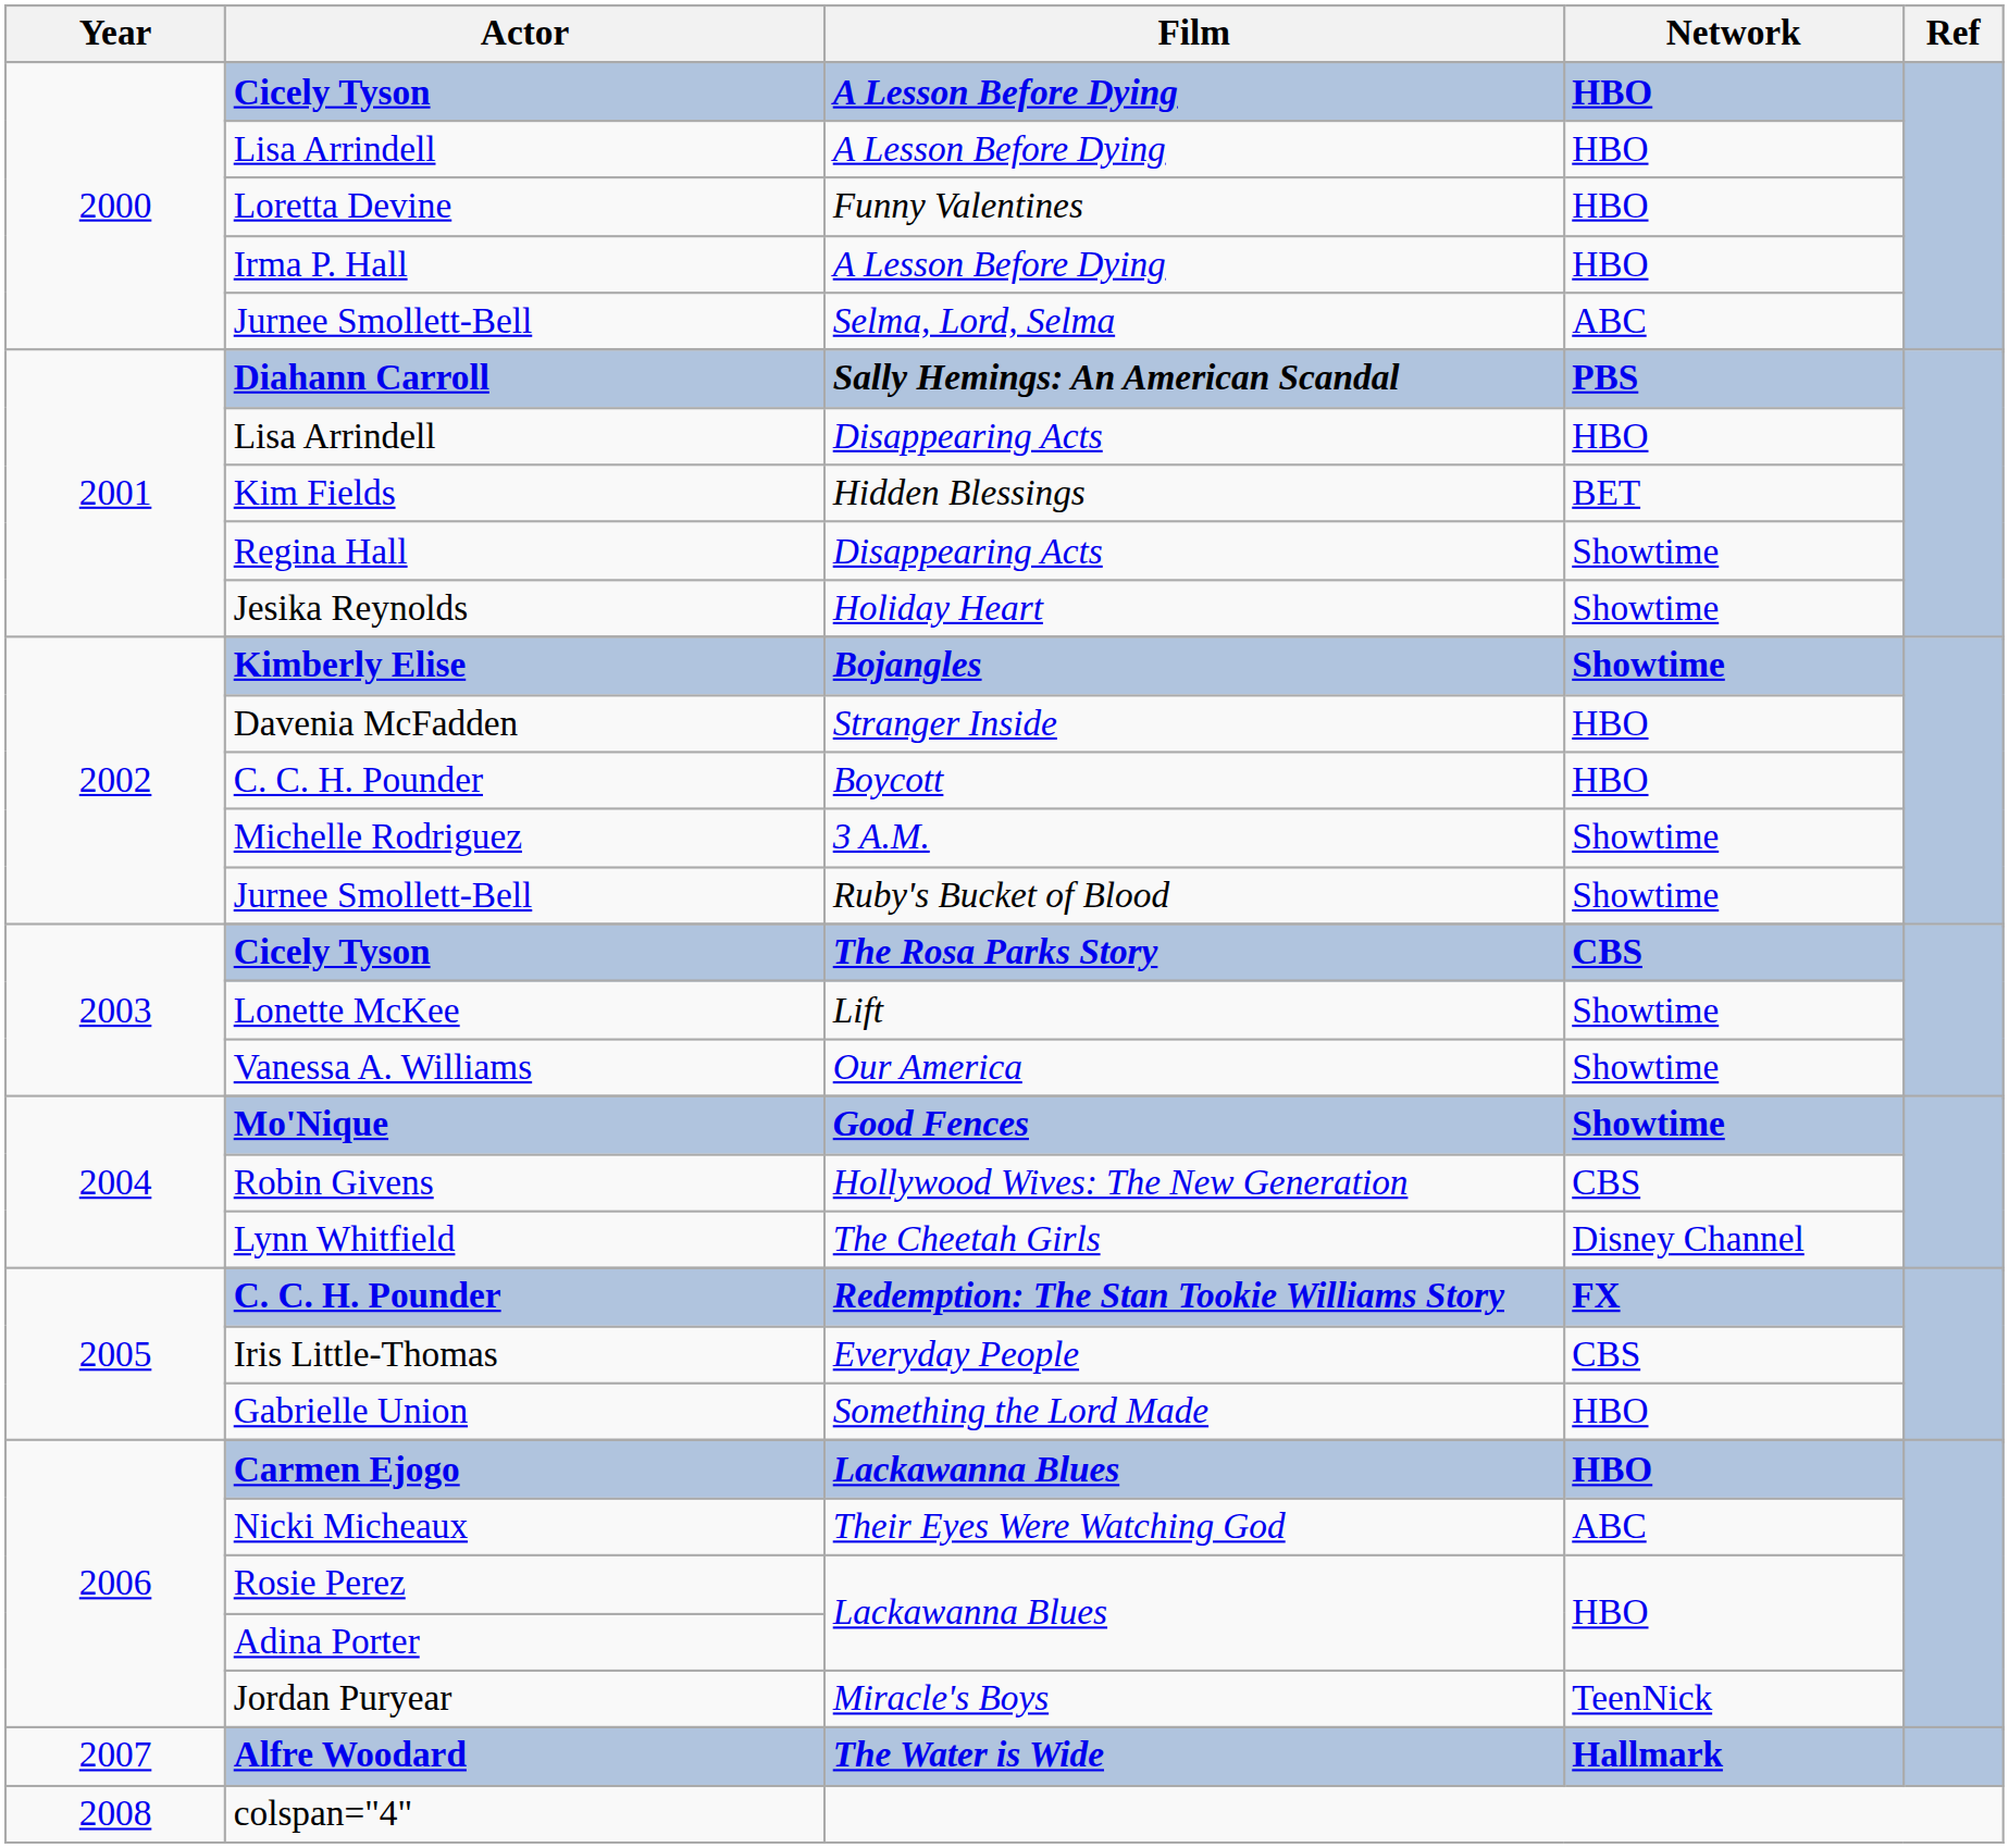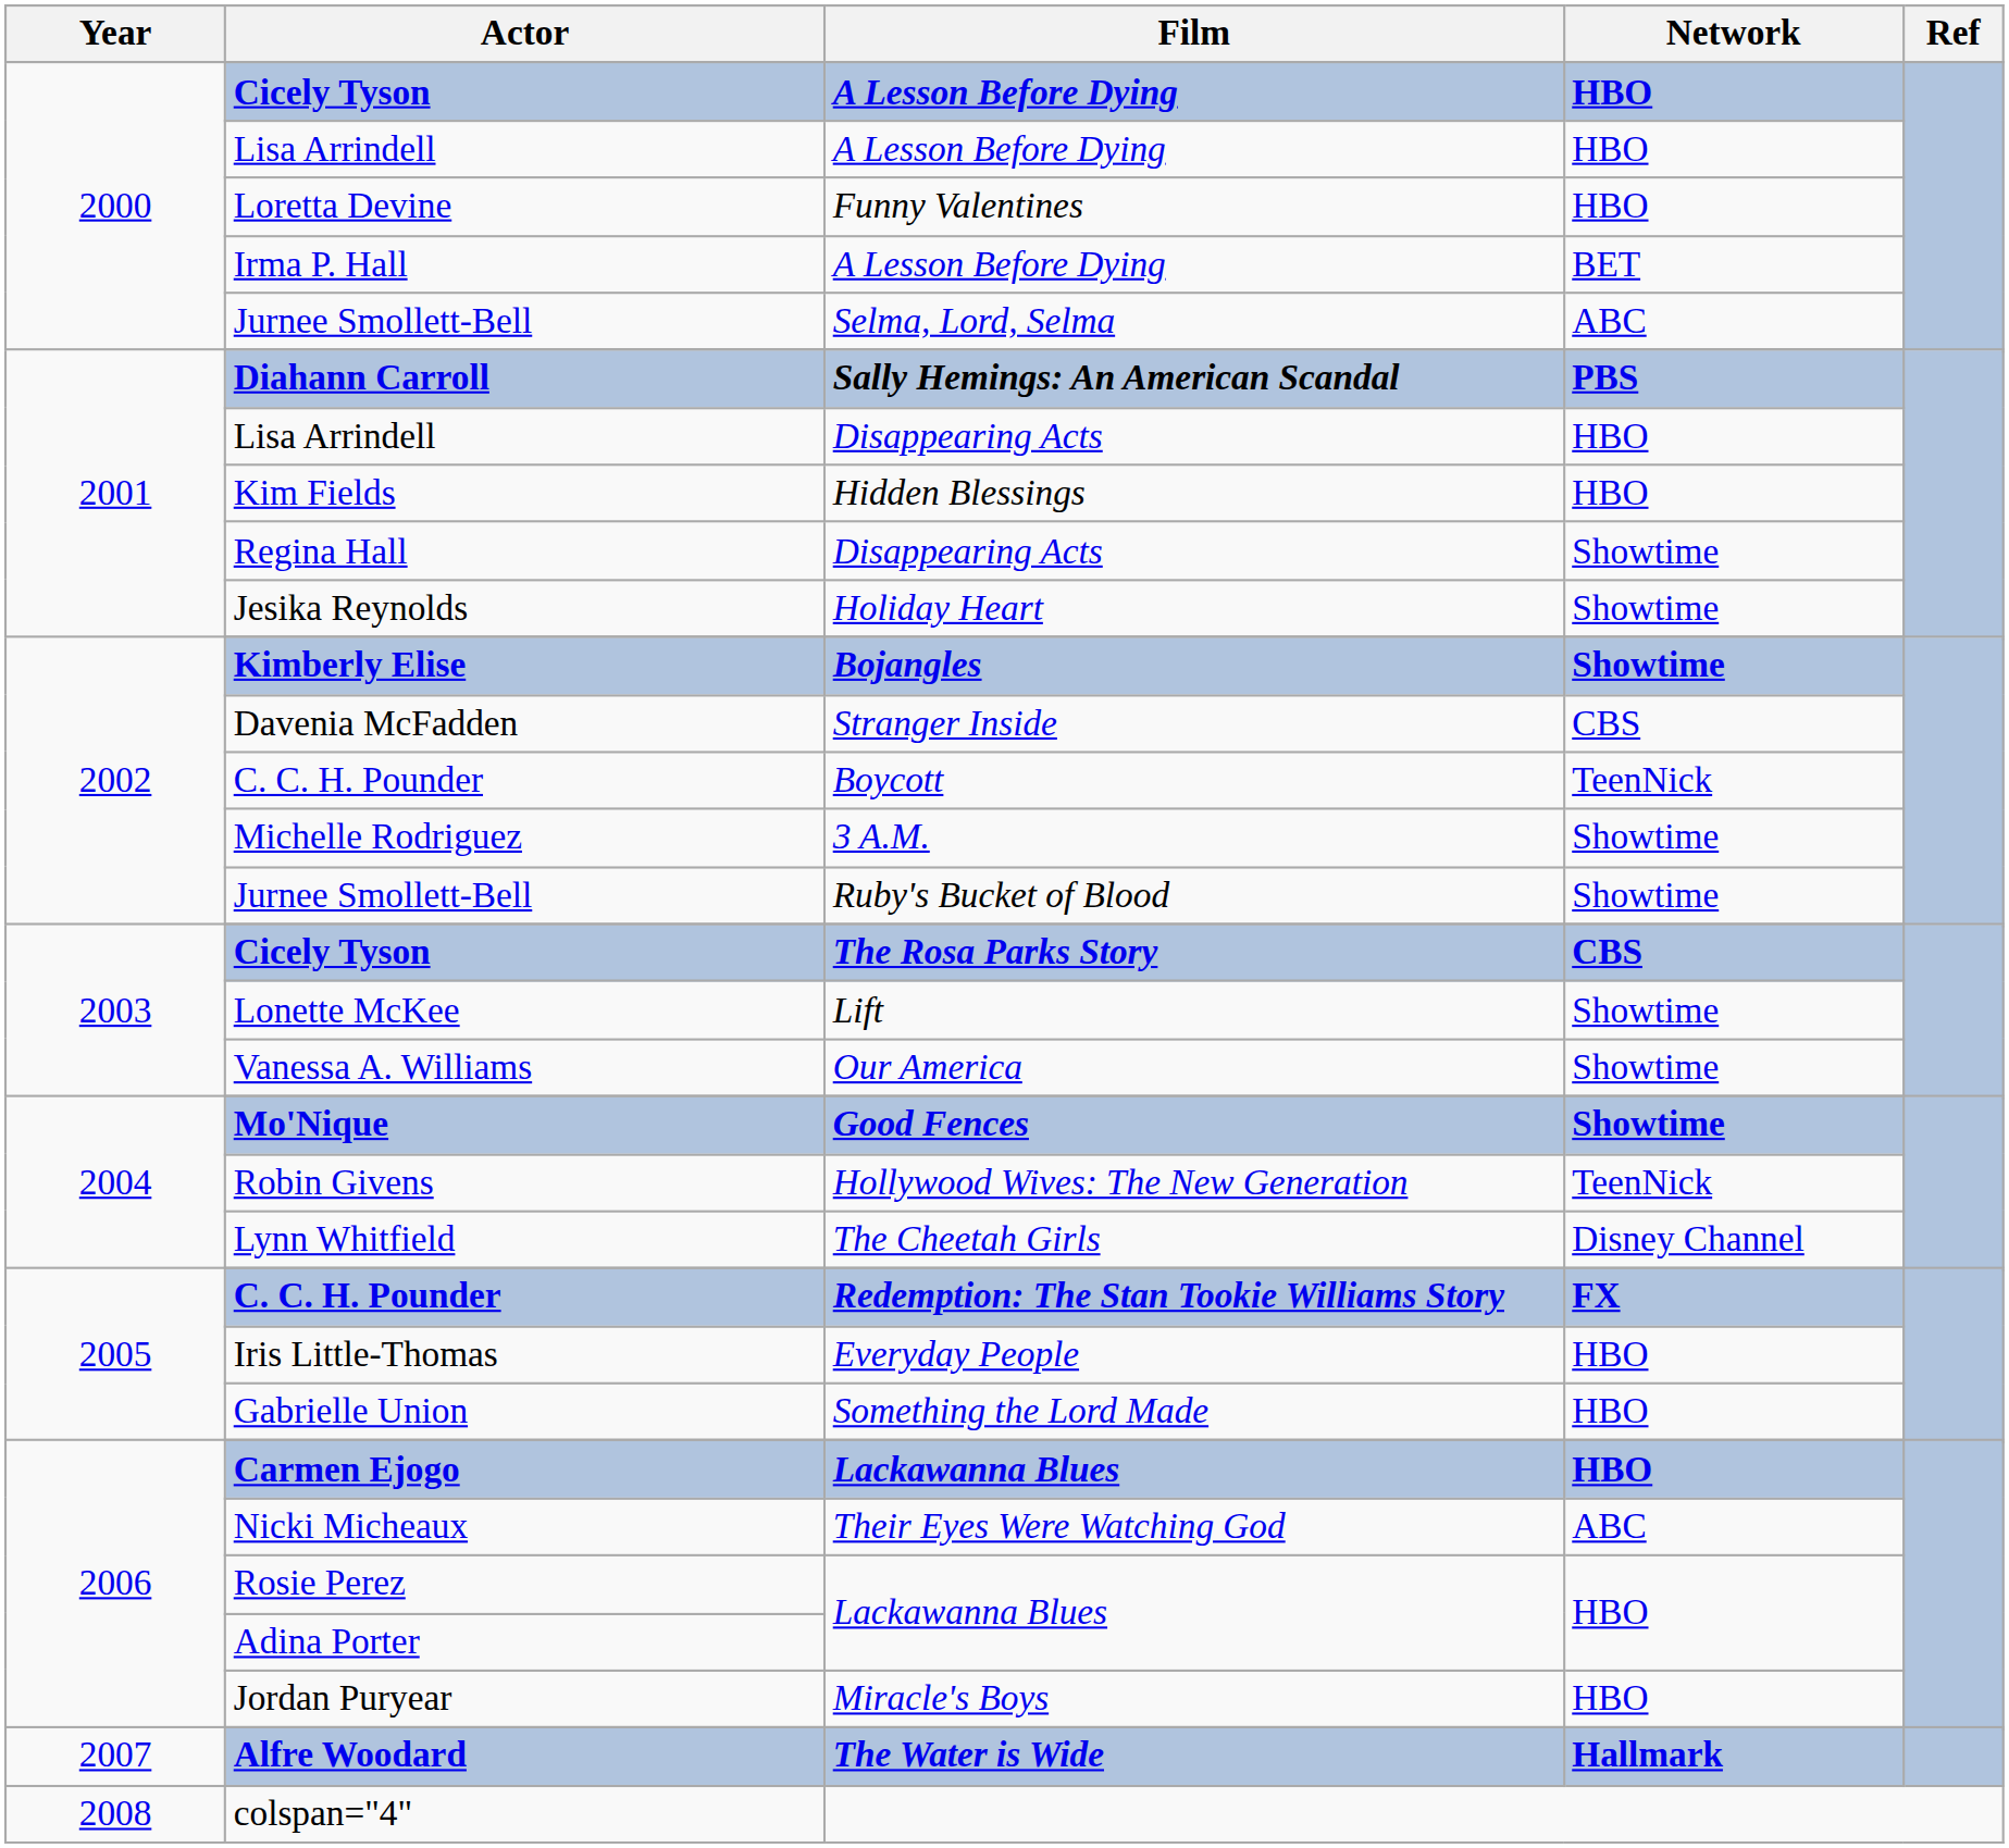 <table class="wikitable" style="width:100%;">
 <tr style="background:#bebebe;">
 <th style="width:11%;">Year</th>
 <th style="width:30%;">Actor</th>
 <th style="width:37%;">Film</th>
 <th style="width:17%;">Network</th>
 <th style="width:5%;">Ref</th>
 </tr>
 <tr>
 <td rowspan="6" align="center"><a href='#'>2000</a></td>
 </tr>
 <tr style="background:#B0C4DE">
 <td><strong><a href='#'>Cicely Tyson</a></strong></td>
 <td><strong><em><a href='#'>A Lesson Before Dying</a></em></strong></td>
 <td><strong><a href='#'>HBO</a></strong></td>
 <td rowspan="6" align="center"></td>
 </tr>
 <tr>
 <td><a href='#'>Lisa Arrindell</a></td>
 <td><em><a href='#'>A Lesson Before Dying</a></em></td>
 <td><a href='#'>HBO</a></td>
 </tr>
 <tr>
 <td><a href='#'>Loretta Devine</a></td>
 <td><em>Funny Valentines</em></td>
 <td><a href='#'>HBO</a></td>
 </tr>
 <tr>
 <td><a href='#'>Irma P. Hall</a></td>
 <td><em><a href='#'>A Lesson Before Dying</a></em></td>
-<td><a href='#'>HBO</a></td>
+<td><a href='#'>BET</a></td>
 </tr>
 <tr>
 <td><a href='#'>Jurnee Smollett-Bell</a></td>
 <td><em><a href='#'>Selma, Lord, Selma</a></em></td>
 <td><a href='#'>ABC</a></td>
 </tr>
 <tr>
 <td rowspan="6" align="center"><a href='#'>2001</a></td>
 </tr>
 <tr style="background:#B0C4DE">
 <td><strong><a href='#'>Diahann Carroll</a></strong></td>
 <td><strong><em>Sally Hemings: An American Scandal</em></strong></td>
 <td><strong><a href='#'>PBS</a></strong></td>
 <td rowspan="6" align="center"></td>
 </tr>
 <tr>
 <td>Lisa Arrindell</td>
 <td><em><a href='#'>Disappearing Acts</a></em></td>
 <td><a href='#'>HBO</a></td>
 </tr>
 <tr>
 <td><a href='#'>Kim Fields</a></td>
 <td><em>Hidden Blessings</em></td>
-<td><a href='#'>BET</a></td>
+<td><a href='#'>HBO</a></td>
 </tr>
 <tr>
 <td><a href='#'>Regina Hall</a></td>
 <td><em><a href='#'>Disappearing Acts</a></em></td>
 <td><a href='#'>Showtime</a></td>
 </tr>
 <tr>
 <td>Jesika Reynolds</td>
 <td><em><a href='#'>Holiday Heart</a></em></td>
 <td><a href='#'>Showtime</a></td>
 </tr>
 <tr>
 <td rowspan="6" align="center"><a href='#'>2002</a></td>
 </tr>
 <tr style="background:#B0C4DE">
 <td><strong><a href='#'>Kimberly Elise</a></strong></td>
 <td><strong><em><a href='#'>Bojangles</a></em></strong></td>
 <td><strong><a href='#'>Showtime</a></strong></td>
 <td rowspan="6" align="center"></td>
 </tr>
 <tr>
 <td>Davenia McFadden</td>
 <td><em><a href='#'>Stranger Inside</a></em></td>
-<td><a href='#'>HBO</a></td>
+<td><a href='#'>CBS</a></td>
 </tr>
 <tr>
 <td><a href='#'>C. C. H. Pounder</a></td>
 <td><em><a href='#'>Boycott</a></em></td>
-<td><a href='#'>HBO</a></td>
+<td><a href='#'>TeenNick</a></td>
 </tr>
 <tr>
 <td><a href='#'>Michelle Rodriguez</a></td>
 <td><em><a href='#'>3 A.M.</a></em></td>
 <td><a href='#'>Showtime</a></td>
 </tr>
 <tr>
 <td><a href='#'>Jurnee Smollett-Bell</a></td>
 <td><em>Ruby's Bucket of Blood</em></td>
 <td><a href='#'>Showtime</a></td>
 </tr>
 <tr>
 <td rowspan="4" align="center"><a href='#'>2003</a></td>
 </tr>
 <tr style="background:#B0C4DE">
 <td><strong><a href='#'>Cicely Tyson</a></strong></td>
 <td><strong><em><a href='#'>The Rosa Parks Story</a></em></strong></td>
 <td><strong><a href='#'>CBS</a></strong></td>
 <td rowspan="4" align="center"></td>
 </tr>
 <tr>
 <td><a href='#'>Lonette McKee</a></td>
 <td><em>Lift</em></td>
 <td><a href='#'>Showtime</a></td>
 </tr>
 <tr>
 <td><a href='#'>Vanessa A. Williams</a></td>
 <td><em><a href='#'>Our America</a></em></td>
 <td><a href='#'>Showtime</a></td>
 </tr>
 <tr>
 <td rowspan="4" align="center"><a href='#'>2004</a></td>
 </tr>
 <tr style="background:#B0C4DE">
 <td><strong><a href='#'>Mo'Nique</a></strong></td>
 <td><strong><em><a href='#'>Good Fences</a></em></strong></td>
 <td><strong><a href='#'>Showtime</a></strong></td>
 <td rowspan="4" align="center"></td>
 </tr>
 <tr>
 <td><a href='#'>Robin Givens</a></td>
 <td><em><a href='#'>Hollywood Wives: The New Generation</a></em></td>
-<td><a href='#'>CBS</a></td>
+<td><a href='#'>TeenNick</a></td>
 </tr>
 <tr>
 <td><a href='#'>Lynn Whitfield</a></td>
 <td><em><a href='#'>The Cheetah Girls</a></em></td>
 <td><a href='#'>Disney Channel</a></td>
 </tr>
 <tr>
 <td rowspan="4" align="center"><a href='#'>2005</a></td>
 </tr>
 <tr style="background:#B0C4DE">
 <td><strong><a href='#'>C. C. H. Pounder</a></strong></td>
 <td><strong><em><a href='#'>Redemption: The Stan Tookie Williams Story</a></em></strong></td>
 <td><strong><a href='#'>FX</a></strong></td>
 <td rowspan="4" align="center"></td>
 </tr>
 <tr>
 <td>Iris Little-Thomas</td>
 <td><em><a href='#'>Everyday People</a></em></td>
-<td><a href='#'>CBS</a></td>
+<td><a href='#'>HBO</a></td>
 </tr>
 <tr>
 <td><a href='#'>Gabrielle Union</a></td>
 <td><em><a href='#'>Something the Lord Made</a></em></td>
 <td><a href='#'>HBO</a></td>
 </tr>
 <tr>
 <td rowspan="6" align="center"><a href='#'>2006</a></td>
 </tr>
 <tr style="background:#B0C4DE">
 <td><strong><a href='#'>Carmen Ejogo</a></strong></td>
 <td><strong><em><a href='#'>Lackawanna Blues</a></em></strong></td>
 <td><strong><a href='#'>HBO</a></strong></td>
 <td rowspan="6" align="center"></td>
 </tr>
 <tr>
 <td><a href='#'>Nicki Micheaux</a></td>
 <td><em><a href='#'>Their Eyes Were Watching God</a></em></td>
 <td><a href='#'>ABC</a></td>
 </tr>
 <tr>
 <td><a href='#'>Rosie Perez</a></td>
 <td rowspan="2"><em><a href='#'>Lackawanna Blues</a></em></td>
 <td rowspan="2"><a href='#'>HBO</a></td>
 </tr>
 <tr>
 <td><a href='#'>Adina Porter</a></td>
 </tr>
 <tr>
 <td>Jordan Puryear</td>
 <td><em><a href='#'>Miracle's Boys</a></em></td>
-<td><a href='#'>TeenNick</a></td>
+<td><a href='#'>HBO</a></td>
 </tr>
 <tr>
 <td rowspan="2" align="center"><a href='#'>2007</a></td>
 </tr>
 <tr style="background:#B0C4DE">
 <td><strong><a href='#'>Alfre Woodard</a></strong></td>
 <td><strong><em><a href='#'>The Water is Wide</a></em></strong></td>
 <td><strong><a href='#'>Hallmark</a></strong></td>
 <td align="center"></td>
 </tr>
 <tr>
 <td align="center"><a href='#'>2008</a></td>
 <td>colspan="4" </td>
 </tr>
 </table>
